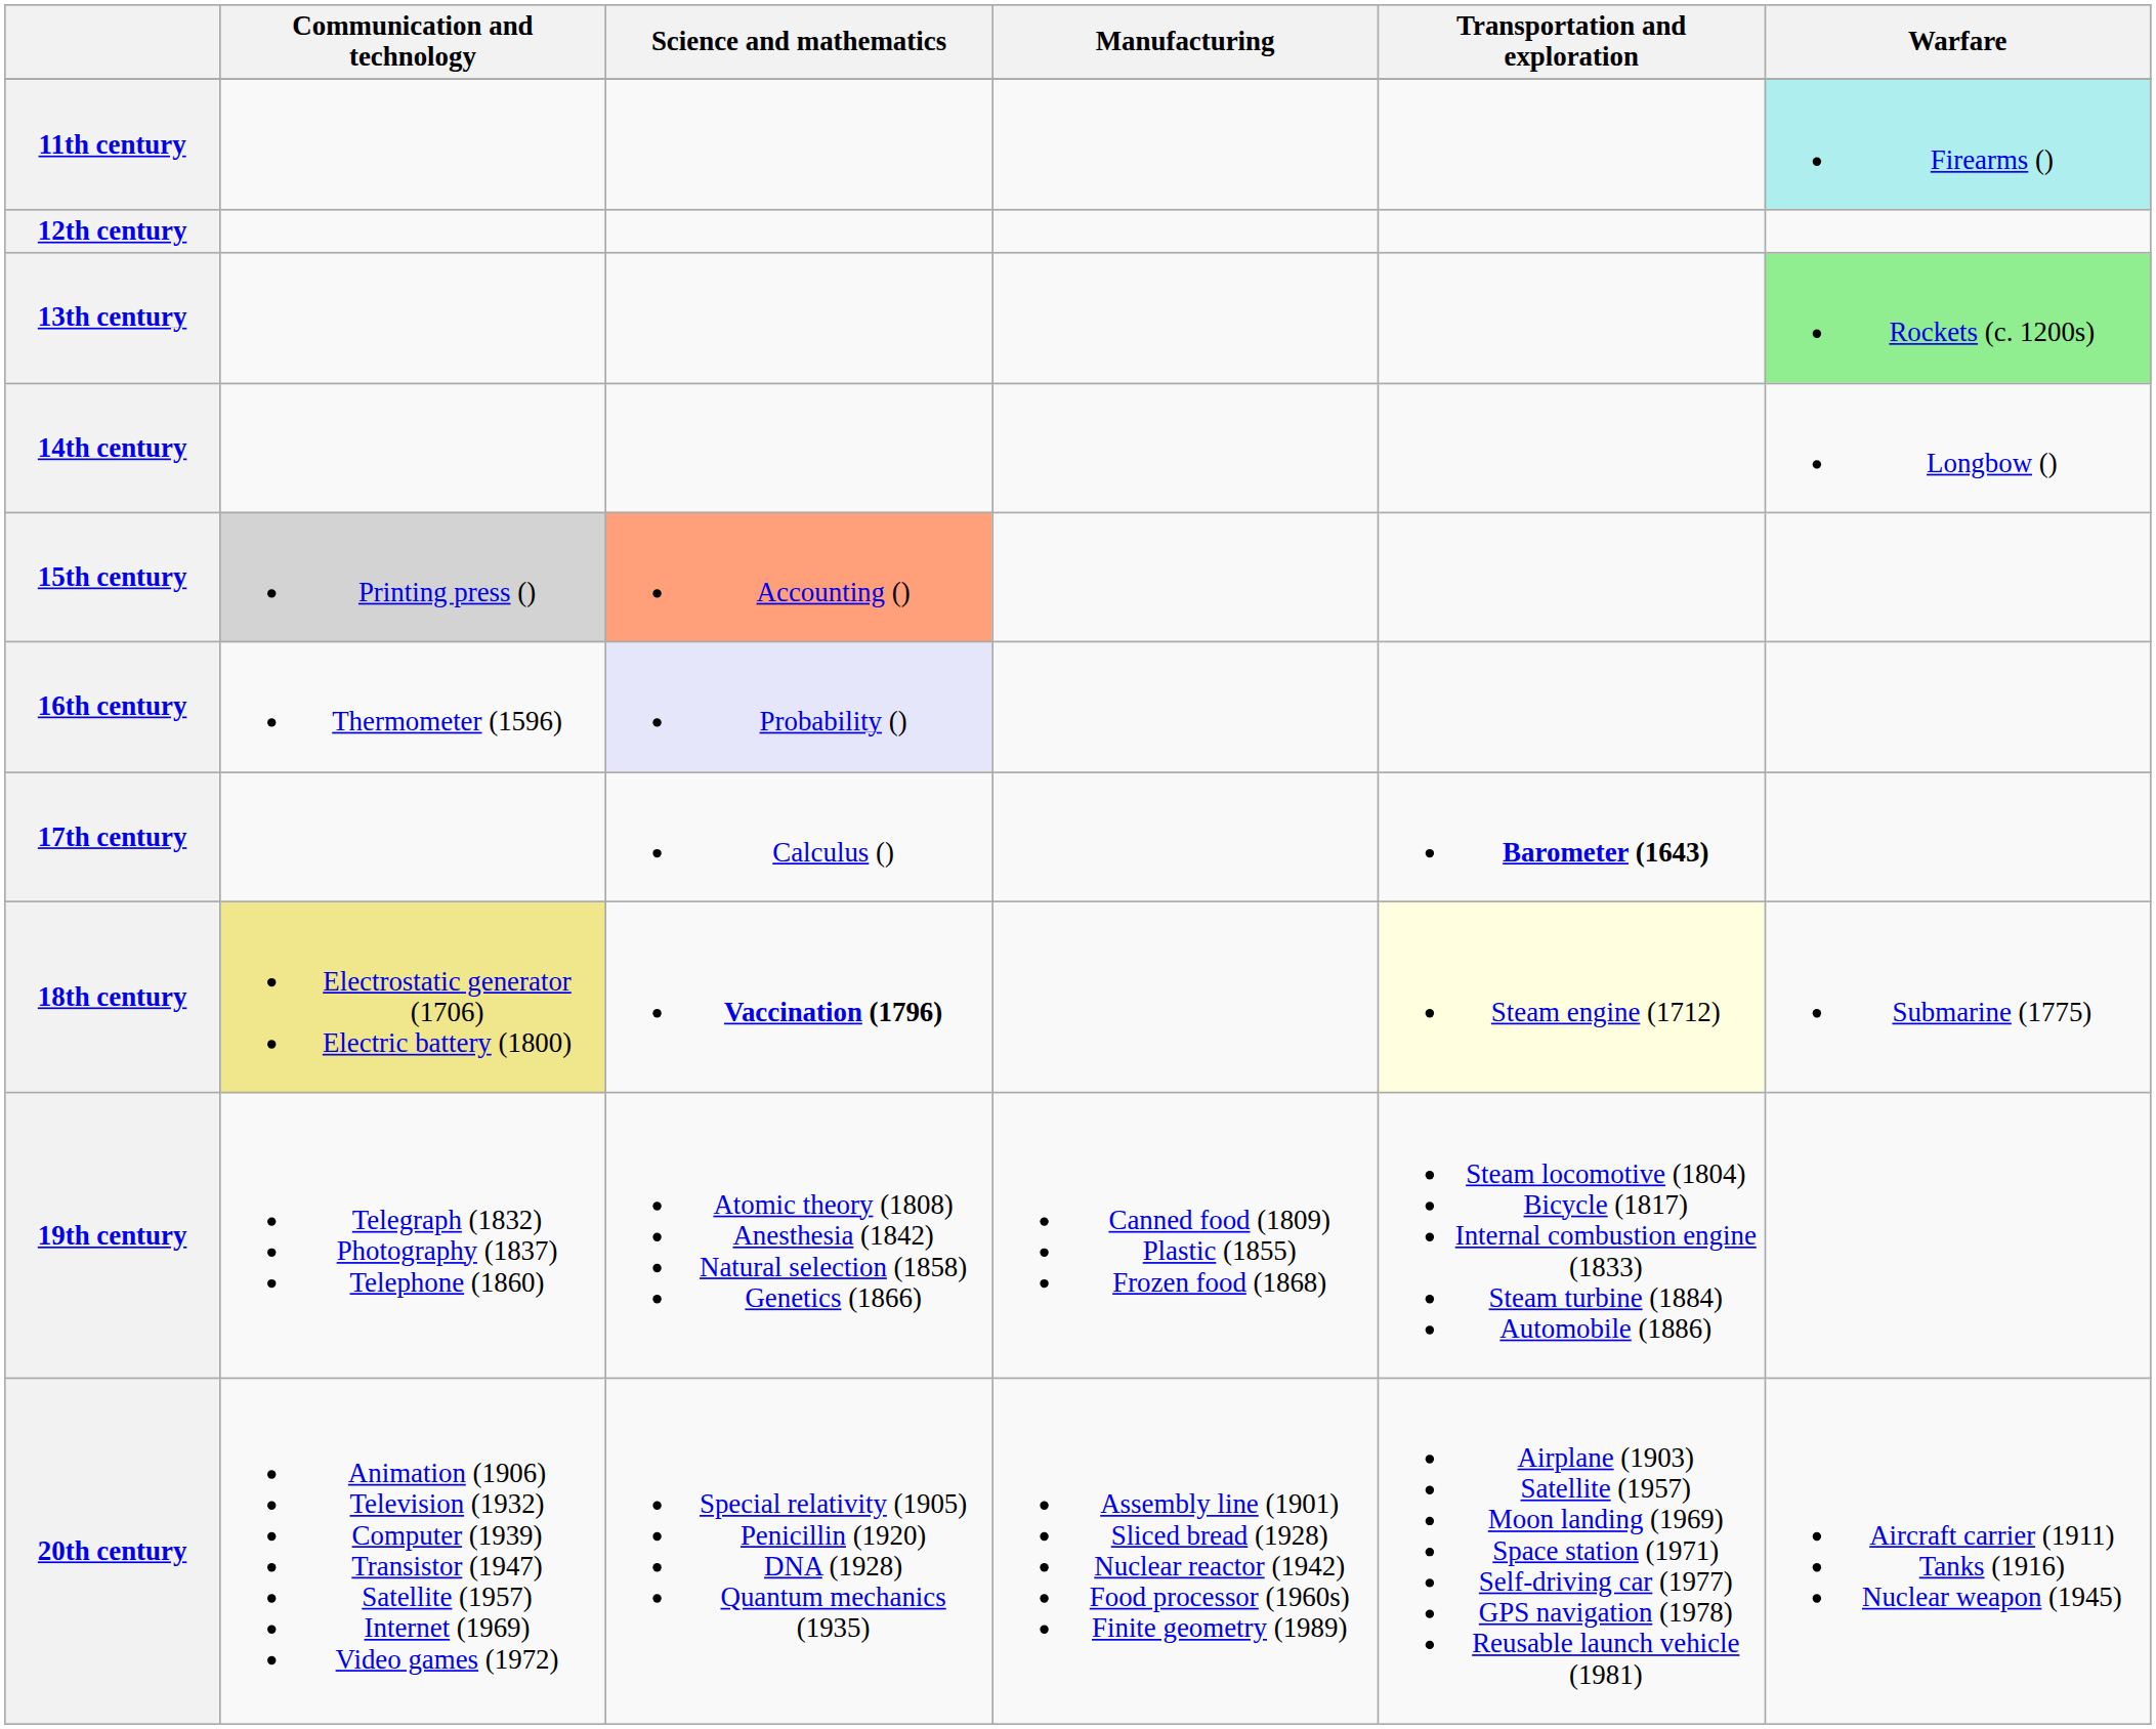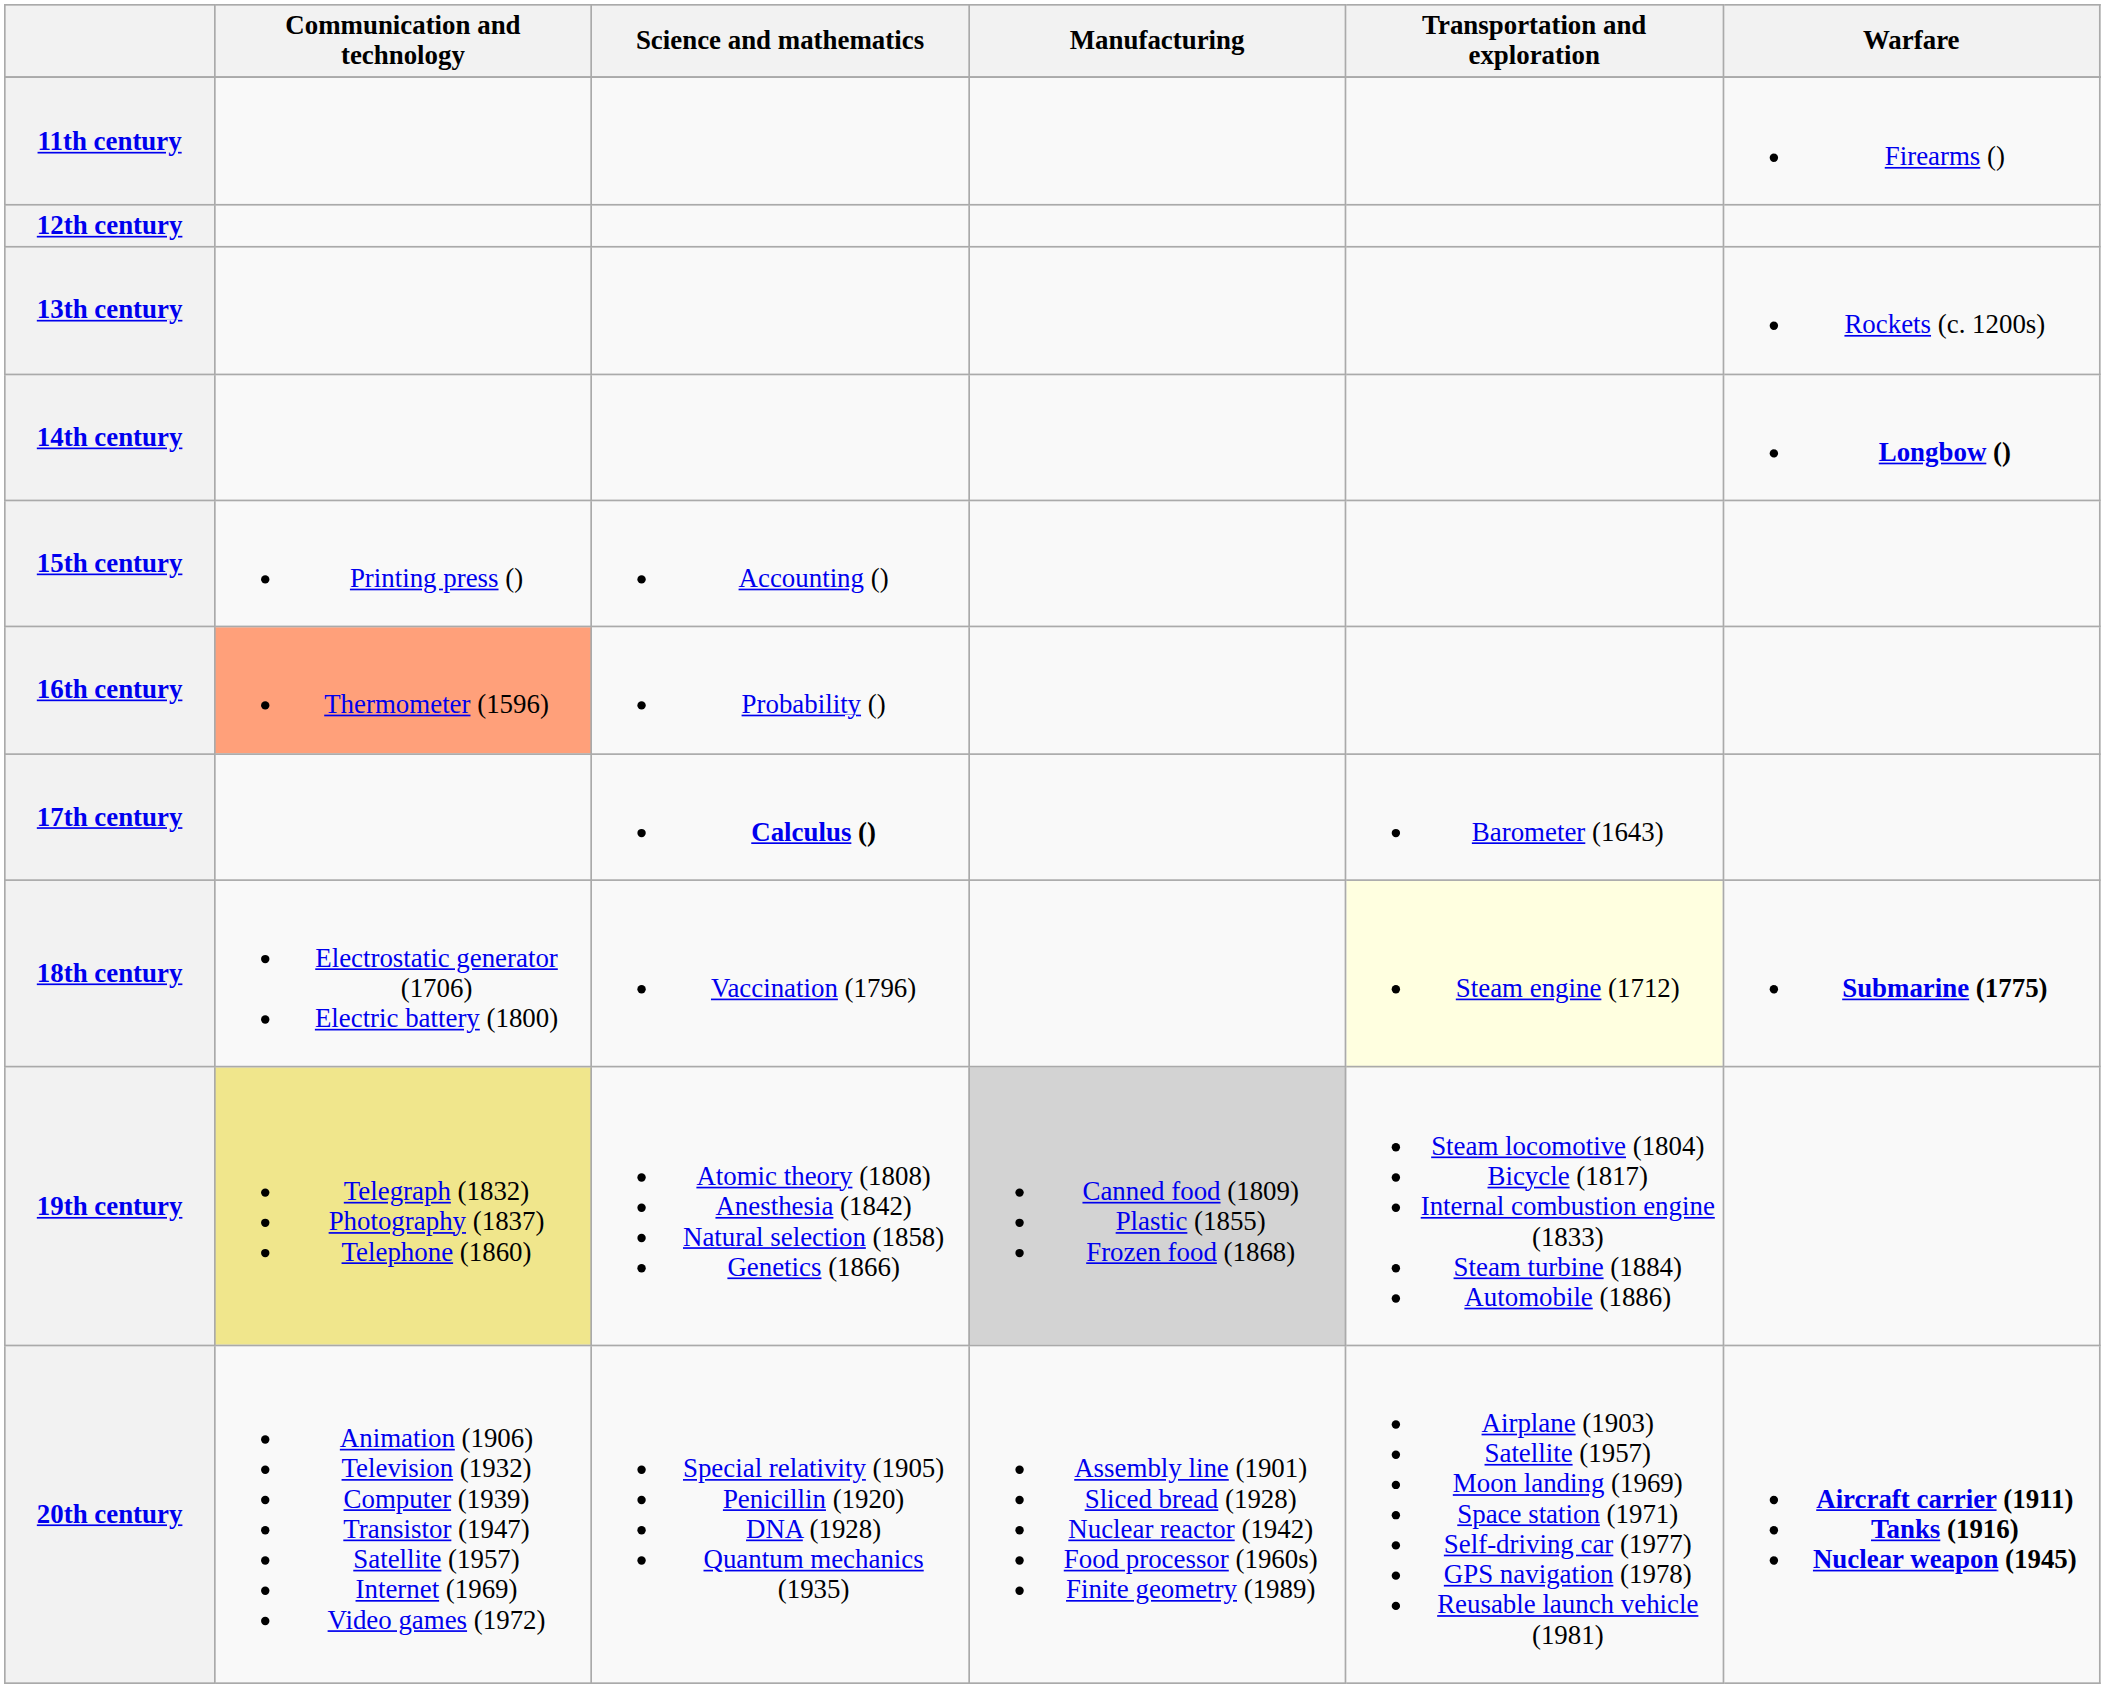 <table border="1" class="wikitable">
 <tr>
 <th></th>
 <th style="width:18%;text-align:center;">Communication and technology</th>
 <th style="width:18%;text-align:center;">Science and mathematics</th>
 <th style="width:18%;text-align:center;">Manufacturing</th>
 <th style="width:18%;text-align:center;">Transportation and <br>exploration</th>
 <th style="width:18%;text-align:center;">Warfare</th>
 </tr>
 <tr style= valign="top" align="left">
 </tr>
 <tr style="width:18%;text-align:center;">
 <th><a href='#'>11th century</a></th>
 <td></td>
 <td></td>
 <td></td>
 <td></td>
-<td style="background: paleturquoise;"><br><ul><li><a href='#'>Firearms</a> ()</li></ul></td>
+<td><br><ul><li><a href='#'>Firearms</a> ()</li></ul></td>
 </tr>
 <tr style="width:18%;text-align:center;">
 <th><a href='#'>12th century</a></th>
 <td></td>
 <td></td>
 <td></td>
 <td></td>
 <td></td>
 </tr>
 <tr style="width:18%;text-align:center;">
 <th><a href='#'>13th century</a></th>
 <td></td>
 <td></td>
 <td></td>
 <td></td>
-<td style="background: lightgreen;"><br><ul><li><a href='#'>Rockets</a> (c. 1200s)</li></ul></td>
+<td><br><ul><li><a href='#'>Rockets</a> (c. 1200s)</li></ul></td>
 </tr>
 <tr style="width:18%;text-align:center;">
 <th><a href='#'>14th century</a></th>
 <td></td>
 <td></td>
 <td></td>
 <td></td>
-<td><br><ul><li><a href='#'>Longbow</a> ()</li></ul></td>
+<td><strong><br><ul><li><a href='#'>Longbow</a> ()</li></ul></strong></td>
 </tr>
 <tr style="width:18%;text-align:center;">
 <th><a href='#'>15th century</a></th>
-<td style="background: lightgrey;"><br><ul><li><a href='#'>Printing press</a> ()</li></ul></td>
-<td style="background: lightsalmon;"><br><ul><li><a href='#'>Accounting</a> ()</li></ul></td>
+<td><br><ul><li><a href='#'>Printing press</a> ()</li></ul></td>
+<td><br><ul><li><a href='#'>Accounting</a> ()</li></ul></td>
 <td></td>
 <td></td>
 <td></td>
 </tr>
 <tr style="width:18%;text-align:center;">
 <th><a href='#'>16th century</a></th>
-<td><br><ul><li><a href='#'>Thermometer</a> (1596)</li></ul></td>
-<td style="background: lavender;"><br><ul><li><a href='#'>Probability</a> ()</li></ul></td>
+<td style="background: lightsalmon;"><br><ul><li><a href='#'>Thermometer</a> (1596)</li></ul></td>
+<td><br><ul><li><a href='#'>Probability</a> ()</li></ul></td>
 <td></td>
 <td></td>
 <td></td>
 </tr>
 <tr style="width:18%;text-align:center;">
 <th><a href='#'>17th century</a></th>
 <td></td>
-<td><br><ul><li><a href='#'>Calculus</a> ()</li></ul></td>
+<td><strong><br><ul><li><a href='#'>Calculus</a> ()</li></ul></strong></td>
 <td></td>
-<td><strong><br><ul><li><a href='#'>Barometer</a> (1643)</li></ul></strong></td>
+<td><br><ul><li><a href='#'>Barometer</a> (1643)</li></ul></td>
 <td></td>
 </tr>
 <tr style="width:18%;text-align:center;">
 <th><a href='#'>18th century</a></th>
-<td style="background: khaki;"><br><ul><li><a href='#'>Electrostatic generator</a> (1706)</li><li><a href='#'>Electric battery</a> (1800)</li></ul></td>
-<td><strong><br><ul><li><a href='#'>Vaccination</a> (1796)</li></ul></strong></td>
+<td><br><ul><li><a href='#'>Electrostatic generator</a> (1706)</li><li><a href='#'>Electric battery</a> (1800)</li></ul></td>
+<td><br><ul><li><a href='#'>Vaccination</a> (1796)</li></ul></td>
 <td></td>
 <td style="background: lightyellow;"><br><ul><li><a href='#'>Steam engine</a> (1712)</li></ul></td>
-<td><br><ul><li><a href='#'>Submarine</a> (1775)</li></ul></td>
+<td><strong><br><ul><li><a href='#'>Submarine</a> (1775)</li></ul></strong></td>
 </tr>
 <tr style="width:18%;text-align:center;">
 <th><a href='#'>19th century</a></th>
-<td><br><ul><li><a href='#'>Telegraph</a> (1832)</li><li><a href='#'>Photography</a> (1837)</li><li><a href='#'>Telephone</a> (1860)</li></ul></td>
+<td style="background: khaki;"><br><ul><li><a href='#'>Telegraph</a> (1832)</li><li><a href='#'>Photography</a> (1837)</li><li><a href='#'>Telephone</a> (1860)</li></ul></td>
 <td><br><ul><li><a href='#'>Atomic theory</a> (1808)</li><li><a href='#'>Anesthesia</a> (1842)</li><li><a href='#'>Natural selection</a> (1858)</li><li><a href='#'>Genetics</a> (1866)</li></ul></td>
-<td><br><ul><li><a href='#'>Canned food</a> (1809)</li><li><a href='#'>Plastic</a> (1855)</li><li><a href='#'>Frozen food</a> (1868)</li></ul></td>
+<td style="background: lightgrey;"><br><ul><li><a href='#'>Canned food</a> (1809)</li><li><a href='#'>Plastic</a> (1855)</li><li><a href='#'>Frozen food</a> (1868)</li></ul></td>
 <td><br><ul><li><a href='#'>Steam locomotive</a> (1804)</li><li><a href='#'>Bicycle</a> (1817)</li><li><a href='#'>Internal combustion engine</a> (1833)</li><li><a href='#'>Steam turbine</a> (1884)</li><li><a href='#'>Automobile</a> (1886)</li></ul></td>
 <td></td>
 </tr>
 <tr style="width:18%;text-align:center;">
 <th><a href='#'>20th century</a></th>
 <td><br><ul><li><a href='#'>Animation</a> (1906)</li><li><a href='#'>Television</a> (1932)</li><li><a href='#'>Computer</a> (1939)</li><li><a href='#'>Transistor</a> (1947)</li><li><a href='#'>Satellite</a> (1957)</li><li><a href='#'>Internet</a> (1969)</li><li><a href='#'>Video games</a> (1972)</li></ul></td>
 <td><br><ul><li><a href='#'>Special relativity</a> (1905)</li><li><a href='#'>Penicillin</a> (1920)</li><li><a href='#'>DNA</a> (1928)</li><li><a href='#'>Quantum mechanics</a> (1935)</li></ul></td>
 <td><br><ul><li><a href='#'>Assembly line</a> (1901)</li><li><a href='#'>Sliced bread</a> (1928)</li><li><a href='#'>Nuclear reactor</a> (1942)</li><li><a href='#'>Food processor</a> (1960s)</li><li><a href='#'>Finite geometry</a> (1989)</li></ul></td>
 <td><br><ul><li><a href='#'>Airplane</a> (1903)</li><li><a href='#'>Satellite</a> (1957)</li><li><a href='#'>Moon landing</a> (1969)</li><li><a href='#'>Space station</a> (1971)</li><li><a href='#'>Self-driving car</a> (1977)</li><li><a href='#'>GPS navigation</a> (1978)</li><li><a href='#'>Reusable launch vehicle</a> (1981)</li></ul></td>
-<td><br><ul><li><a href='#'>Aircraft carrier</a> (1911)</li><li><a href='#'>Tanks</a> (1916)</li><li><a href='#'>Nuclear weapon</a> (1945)</li></ul></td>
+<td><strong><br><ul><li><a href='#'>Aircraft carrier</a> (1911)</li><li><a href='#'>Tanks</a> (1916)</li><li><a href='#'>Nuclear weapon</a> (1945)</li></ul></strong></td>
 </tr>
 </table>
